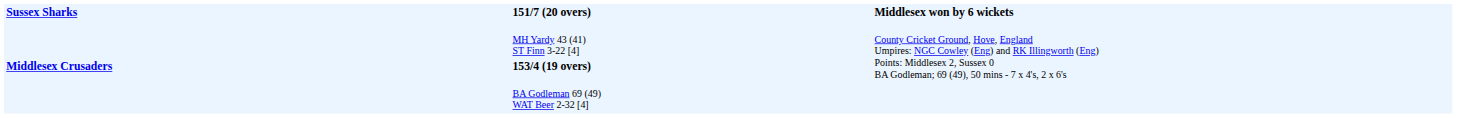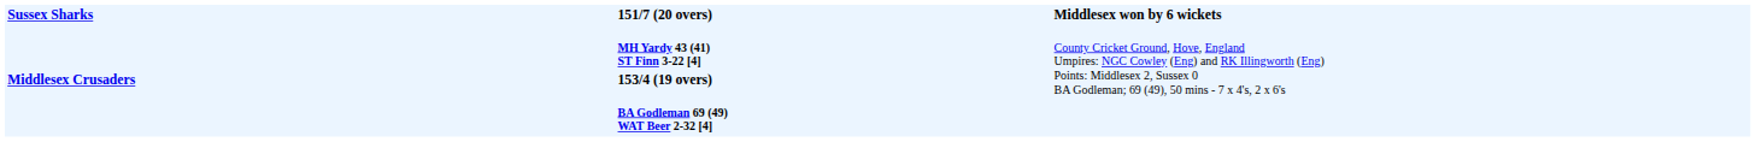 <table style="width:100%; background:#ebf5ff;">
 <tr>
 <td style="width:35%; vertical-align:top;" rowspan="2"><strong><a href='#'>Sussex Sharks</a></strong></td>
 <td style="width:25%;"><strong>151/7 (20 overs)</strong></td>
 <td style="width:40%;"><strong>Middlesex won by 6 wickets</strong></td>
 </tr>
 <tr>
-<td style="font-size: 85%;"><br><a href='#'>MH Yardy</a> 43 (41)<br> <a href='#'>ST Finn</a> 3-22 [4]</td>
+<td style="font-size: 85%;"><strong><br><a href='#'>MH Yardy</a> 43 (41)<br> <a href='#'>ST Finn</a> 3-22 [4]</strong></td>
 <td style="vertical-align:top; font-size:85%;" rowspan="3"><br><a href='#'>County Cricket Ground</a>, <a href='#'>Hove</a>, <a href='#'>England</a><br> Umpires: <a href='#'>NGC Cowley</a> (<a href='#'>Eng</a>) and <a href='#'>RK Illingworth</a> (<a href='#'>Eng</a>)<br> Points: Middlesex 2, Sussex 0<br>BA Godleman; 69 (49), 50 mins - 7 x 4's, 2 x 6's</td>
 </tr>
 <tr>
 <td style="vertical-align:top;" rowspan="2"><strong><a href='#'>Middlesex Crusaders</a></strong></td>
 <td><strong>153/4 (19 overs)</strong></td>
 </tr>
 <tr>
-<td style="font-size: 85%;"><br><a href='#'>BA Godleman</a> 69 (49)<br> <a href='#'>WAT Beer</a> 2-32 [4]</td>
+<td style="font-size: 85%;"><strong><br><a href='#'>BA Godleman</a> 69 (49)<br> <a href='#'>WAT Beer</a> 2-32 [4]</strong></td>
 </tr>
 </table>
